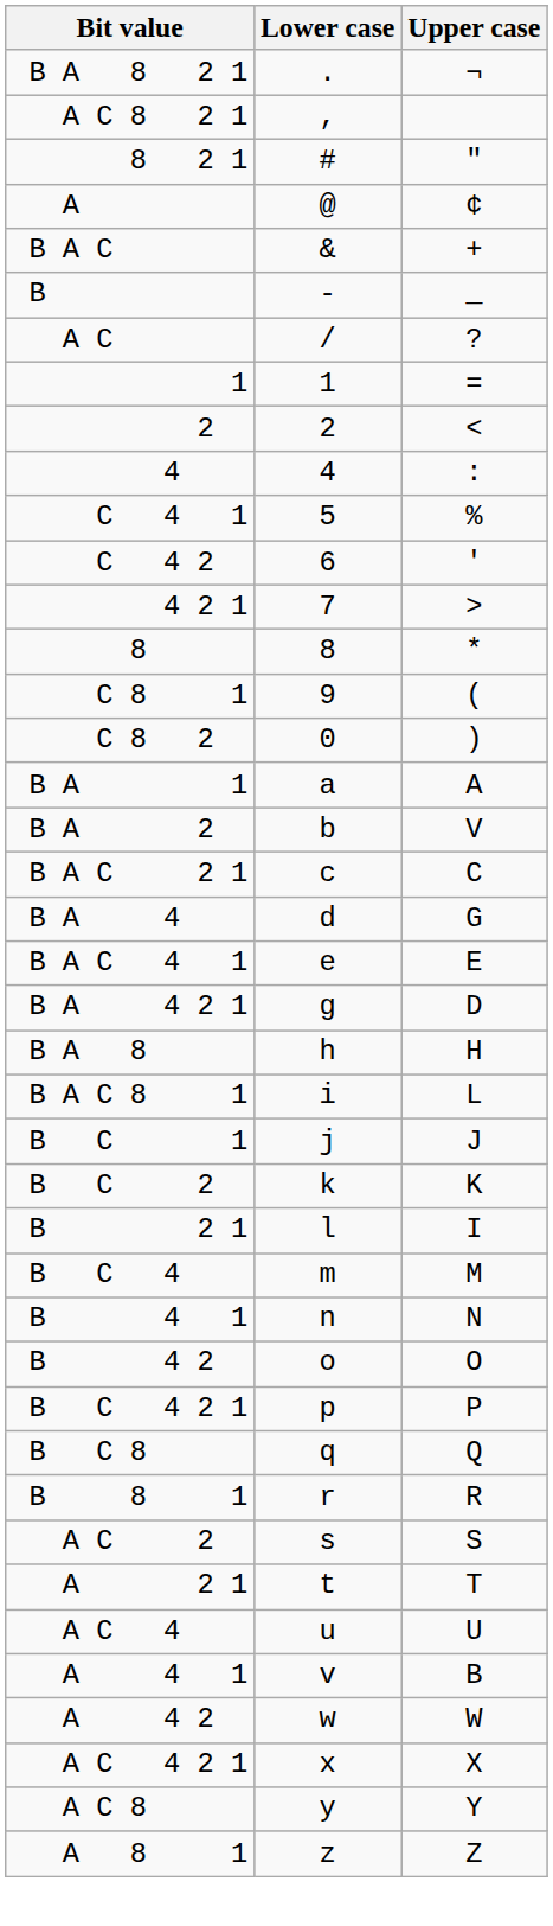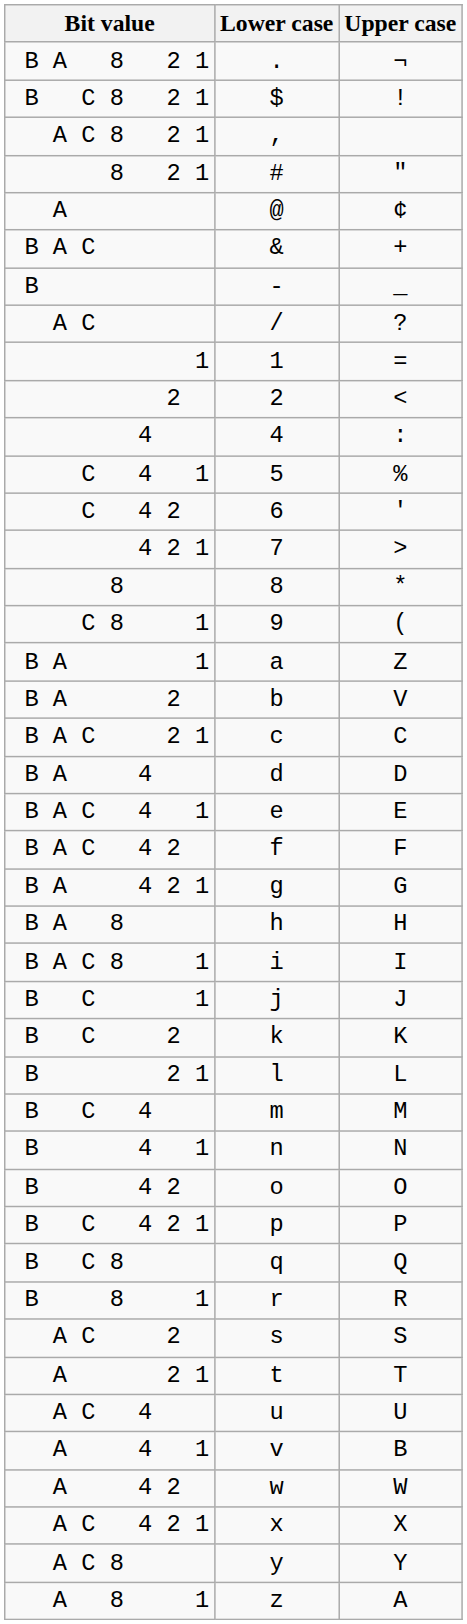 <table class="wikitable" style="text-align: center; font-family: 'Courier New';">
 <tr style="font-family:noset;">
 <th>Bit value</th>
 <th>Lower case</th>
 <th>Upper case</th>
 </tr>
 <tr>
 <td> B A   8   2 1</td>
 <td>.</td>
 <td>¬</td>
+</tr>
+<tr>
+<td> B   C 8   2 1</td>
+<td>$</td>
+<td>!</td>
 </tr>
 <tr>
 <td>   A C 8   2 1</td>
 <td>,</td>
 <td></td>
 </tr>
 <tr>
 <td>       8   2 1</td>
 <td>#</td>
 <td>"</td>
 </tr>
 <tr>
 <td>   A          </td>
 <td>@</td>
 <td>¢</td>
 </tr>
 <tr>
 <td> B A C        </td>
 <td>&</td>
 <td>+</td>
 </tr>
 <tr>
 <td> B            </td>
 <td>-</td>
 <td>_</td>
 </tr>
 <tr>
 <td>   A C        </td>
 <td>/</td>
 <td>?</td>
 </tr>
 <tr>
 <td>             1</td>
 <td>1</td>
 <td>=</td>
 </tr>
 <tr>
 <td>           2  </td>
 <td>2</td>
 <td><</td>
 </tr>
 <tr>
 <td>         4    </td>
 <td>4</td>
 <td>:</td>
 </tr>
 <tr>
 <td>     C   4   1</td>
 <td>5</td>
 <td>%</td>
 </tr>
 <tr>
 <td>     C   4 2  </td>
 <td>6</td>
 <td>'</td>
 </tr>
 <tr>
 <td>         4 2 1</td>
 <td>7</td>
 <td>></td>
 </tr>
 <tr>
 <td>       8      </td>
 <td>8</td>
 <td>*</td>
 </tr>
 <tr>
 <td>     C 8     1</td>
 <td>9</td>
 <td>(</td>
 </tr>
 <tr>
-<td>     C 8   2  </td>
-<td>0</td>
-<td>)</td>
-</tr>
-<tr>
 <td> B A         1</td>
 <td>a</td>
-<td>A</td>
+<td>Z</td>
 </tr>
 <tr>
 <td> B A       2  </td>
 <td>b</td>
 <td>V</td>
 </tr>
 <tr>
 <td> B A C     2 1</td>
 <td>c</td>
 <td>C</td>
 </tr>
 <tr>
 <td> B A     4    </td>
 <td>d</td>
-<td>G</td>
+<td>D</td>
 </tr>
 <tr>
 <td> B A C   4   1</td>
 <td>e</td>
 <td>E</td>
 </tr>
 <tr>
+<td> B A C   4 2  </td>
+<td>f</td>
+<td>F</td>
+</tr>
+<tr>
 <td> B A     4 2 1</td>
 <td>g</td>
-<td>D</td>
+<td>G</td>
 </tr>
 <tr>
 <td> B A   8      </td>
 <td>h</td>
 <td>H</td>
 </tr>
 <tr>
 <td> B A C 8     1</td>
 <td>i</td>
-<td>L</td>
+<td>I</td>
 </tr>
 <tr>
 <td> B   C       1</td>
 <td>j</td>
 <td>J</td>
 </tr>
 <tr>
 <td> B   C     2  </td>
 <td>k</td>
 <td>K</td>
 </tr>
 <tr>
 <td> B         2 1</td>
 <td>l</td>
-<td>I</td>
+<td>L</td>
 </tr>
 <tr>
 <td> B   C   4    </td>
 <td>m</td>
 <td>M</td>
 </tr>
 <tr>
 <td> B       4   1</td>
 <td>n</td>
 <td>N</td>
 </tr>
 <tr>
 <td> B       4 2  </td>
 <td>o</td>
 <td>O</td>
 </tr>
 <tr>
 <td> B   C   4 2 1</td>
 <td>p</td>
 <td>P</td>
 </tr>
 <tr>
 <td> B   C 8      </td>
 <td>q</td>
 <td>Q</td>
 </tr>
 <tr>
 <td> B     8     1</td>
 <td>r</td>
 <td>R</td>
 </tr>
 <tr>
 <td>   A C     2  </td>
 <td>s</td>
 <td>S</td>
 </tr>
 <tr>
 <td>   A       2 1</td>
 <td>t</td>
 <td>T</td>
 </tr>
 <tr>
 <td>   A C   4    </td>
 <td>u</td>
 <td>U</td>
 </tr>
 <tr>
 <td>   A     4   1</td>
 <td>v</td>
 <td>B</td>
 </tr>
 <tr>
 <td>   A     4 2  </td>
 <td>w</td>
 <td>W</td>
 </tr>
 <tr>
 <td>   A C   4 2 1</td>
 <td>x</td>
 <td>X</td>
 </tr>
 <tr>
 <td>   A C 8      </td>
 <td>y</td>
 <td>Y</td>
 </tr>
 <tr>
 <td>   A   8     1</td>
 <td>z</td>
-<td>Z</td>
+<td>A</td>
 </tr>
 </table>
